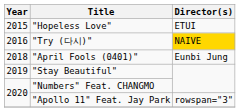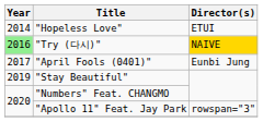 <table class="wikitable">
 <tr>
 <th>Year</th>
 <th>Title</th>
 <th>Director(s)</th>
 </tr>
 <tr>
-<td>2015</td>
+<td>2014</td>
 <td>"Hopeless Love"</td>
 <td>ETUI</td>
 </tr>
 <tr>
-<td>2016</td>
+<td style="background: lightgreen;">2016</td>
 <td>"Try (다시)"</td>
 <td style="background: gold;">NAIVE</td>
 </tr>
 <tr>
-<td>2018</td>
+<td>2017</td>
 <td>"April Fools (0401)"</td>
 <td>Eunbi Jung</td>
 </tr>
 <tr>
 <td>2019</td>
 <td>"Stay Beautiful"</td>
 </tr>
 <tr>
 <td rowspan="2">2020</td>
 <td>"Numbers" Feat. CHANGMO</td>
 </tr>
 <tr>
 <td>"Apollo 11" Feat. Jay Park</td>
 <td>rowspan="3" </td>
 </tr>
 <tr>
 </tr>
 </table>
